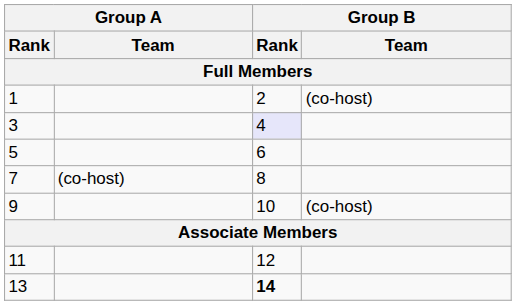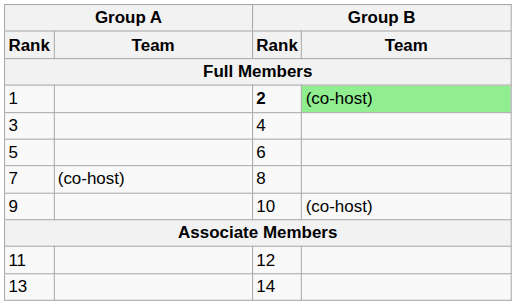 <table class="wikitable">
 <tr>
 <th colspan=2>Group A</th>
 <th colspan=2>Group B</th>
 </tr>
 <tr>
 <th>Rank</th>
 <th>Team</th>
 <th>Rank</th>
 <th>Team</th>
 </tr>
 <tr>
 <th colspan=4>Full Members</th>
 </tr>
 <tr>
 <td width=20px>1</td>
 <td style="width:180px"></td>
-<td width=20px>2</td>
-<td style="width:190px"> (co-host)</td>
+<td width=20px><strong>2</strong></td>
+<td style="background: lightgreen; width:190px"> (co-host)</td>
 </tr>
 <tr>
 <td>3</td>
 <td></td>
-<td style="background: lavender;">4</td>
+<td>4</td>
 <td></td>
 </tr>
 <tr>
 <td>5</td>
 <td></td>
 <td>6</td>
 <td></td>
 </tr>
 <tr>
 <td>7</td>
 <td> (co-host)</td>
 <td>8</td>
 <td></td>
 </tr>
 <tr>
 <td>9</td>
 <td></td>
 <td>10</td>
 <td> (co-host)</td>
 </tr>
 <tr>
 <th colspan=4>Associate Members</th>
 </tr>
 <tr>
 <td>11</td>
 <td></td>
 <td>12</td>
 <td></td>
 </tr>
 <tr>
 <td>13</td>
 <td></td>
-<td><strong>14</strong></td>
+<td>14</td>
 <td></td>
 </tr>
 </table>
